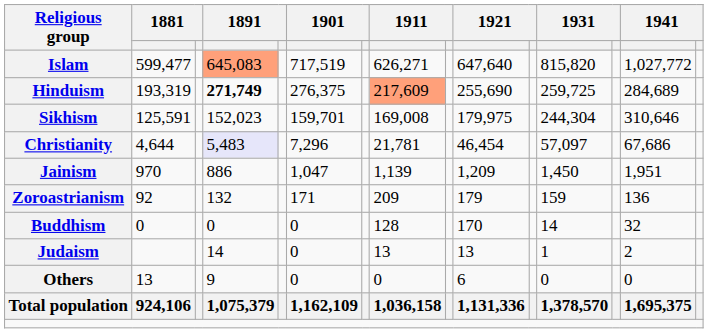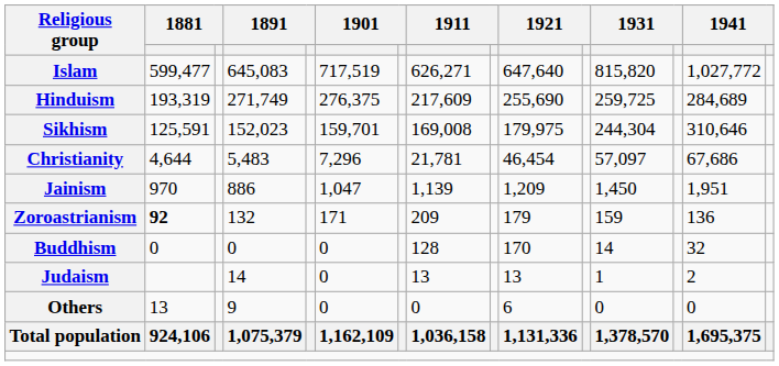 <table class="wikitable sortable">
 <tr>
 <th rowspan="2"><a href='#'>Religious</a><br>group</th>
 <th colspan="2">1881</th>
 <th colspan="2">1891</th>
 <th colspan="2">1901</th>
 <th colspan="2">1911</th>
 <th colspan="2">1921</th>
 <th colspan="2">1931</th>
 <th colspan="2">1941</th>
 </tr>
 <tr>
 <th><a href='#'></a></th>
 <th></th>
 <th></th>
 <th></th>
 <th></th>
 <th></th>
 <th></th>
 <th></th>
 <th></th>
 <th></th>
 <th></th>
 <th></th>
 <th></th>
 <th></th>
 </tr>
 <tr>
 <th><a href='#'>Islam</a> </th>
 <td>599,477</td>
 <td></td>
-<td style="background: lightsalmon;">645,083</td>
+<td>645,083</td>
 <td></td>
 <td>717,519</td>
 <td></td>
 <td>626,271</td>
 <td></td>
 <td>647,640</td>
 <td></td>
 <td>815,820</td>
 <td></td>
 <td>1,027,772</td>
 <td></td>
 </tr>
 <tr>
 <th><a href='#'>Hinduism</a> </th>
 <td>193,319</td>
 <td></td>
-<td><strong>271,749</strong></td>
+<td>271,749</td>
 <td></td>
 <td>276,375</td>
 <td></td>
-<td style="background: lightsalmon;">217,609</td>
+<td>217,609</td>
 <td></td>
 <td>255,690</td>
 <td></td>
 <td>259,725</td>
 <td></td>
 <td>284,689</td>
 <td></td>
 </tr>
 <tr>
 <th><a href='#'>Sikhism</a> </th>
 <td>125,591</td>
 <td></td>
 <td>152,023</td>
 <td></td>
 <td>159,701</td>
 <td></td>
 <td>169,008</td>
 <td></td>
 <td>179,975</td>
 <td></td>
 <td>244,304</td>
 <td></td>
 <td>310,646</td>
 <td></td>
 </tr>
 <tr>
 <th><a href='#'>Christianity</a> </th>
 <td>4,644</td>
 <td></td>
-<td style="background: lavender;">5,483</td>
+<td>5,483</td>
 <td></td>
 <td>7,296</td>
 <td></td>
 <td>21,781</td>
 <td></td>
 <td>46,454</td>
 <td></td>
 <td>57,097</td>
 <td></td>
 <td>67,686</td>
 <td></td>
 </tr>
 <tr>
 <th><a href='#'>Jainism</a> </th>
 <td>970</td>
 <td></td>
 <td>886</td>
 <td></td>
 <td>1,047</td>
 <td></td>
 <td>1,139</td>
 <td></td>
 <td>1,209</td>
 <td></td>
 <td>1,450</td>
 <td></td>
 <td>1,951</td>
 <td></td>
 </tr>
 <tr>
 <th><a href='#'>Zoroastrianism</a> </th>
-<td>92</td>
+<td><strong>92</strong></td>
 <td></td>
 <td>132</td>
 <td></td>
 <td>171</td>
 <td></td>
 <td>209</td>
 <td></td>
 <td>179</td>
 <td></td>
 <td>159</td>
 <td></td>
 <td>136</td>
 <td></td>
 </tr>
 <tr>
 <th><a href='#'>Buddhism</a> </th>
 <td>0</td>
 <td></td>
 <td>0</td>
 <td></td>
 <td>0</td>
 <td></td>
 <td>128</td>
 <td></td>
 <td>170</td>
 <td></td>
 <td>14</td>
 <td></td>
 <td>32</td>
 <td></td>
 </tr>
 <tr>
 <th><a href='#'>Judaism</a> </th>
 <td></td>
 <td></td>
 <td>14</td>
 <td></td>
 <td>0</td>
 <td></td>
 <td>13</td>
 <td></td>
 <td>13</td>
 <td></td>
 <td>1</td>
 <td></td>
 <td>2</td>
 <td></td>
 </tr>
 <tr>
 <th>Others</th>
 <td>13</td>
 <td></td>
 <td>9</td>
 <td></td>
 <td>0</td>
 <td></td>
 <td>0</td>
 <td></td>
 <td>6</td>
 <td></td>
 <td>0</td>
 <td></td>
 <td>0</td>
 <td></td>
 </tr>
 <tr>
 <th>Total population</th>
 <th>924,106</th>
 <th></th>
 <th>1,075,379</th>
 <th></th>
 <th>1,162,109</th>
 <th></th>
 <th>1,036,158</th>
 <th></th>
 <th>1,131,336</th>
 <th></th>
 <th>1,378,570</th>
 <th></th>
 <th>1,695,375</th>
 <th></th>
 </tr>
 <tr class="sortbottom">
 <td colspan="15"></td>
 </tr>
 </table>
